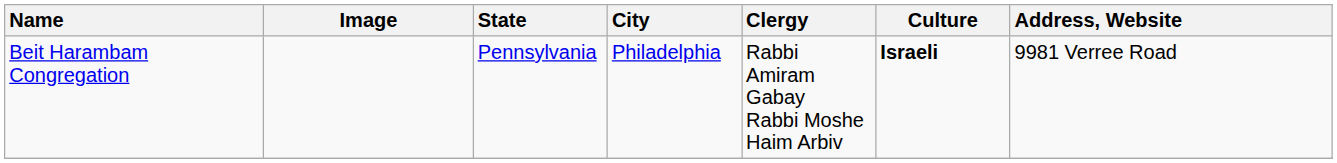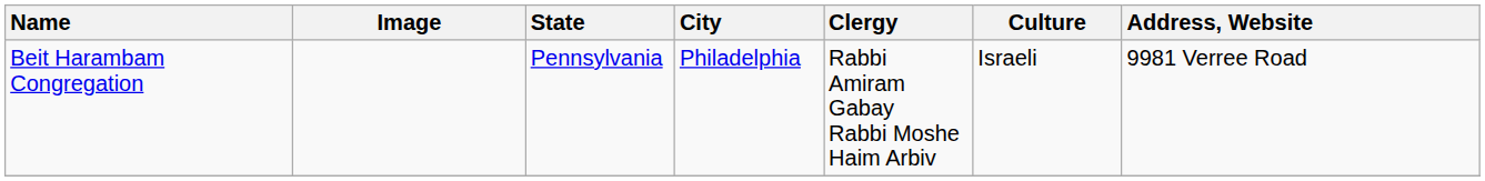 <table class="wikitable sortable">
 <tr>
 <th style="text-align:left; width:200px;">Name</th>
 <th style="text-align:center; width:160px;" class="unsortable">Image</th>
 <th style="text-align:left; width:100px;">State</th>
 <th style="text-align:left; width:100px;">City</th>
 <th style="text-align:left; width:100px;">Clergy</th>
 <th style="text-align:center; width:100px;">Culture</th>
 <th style="text-align:left; width:250px;" class="unsortable">Address, Website</th>
 </tr>
 <tr valign=top>
 <td><a href='#'>Beit Harambam Congregation</a></td>
 <td></td>
 <td><a href='#'>Pennsylvania</a></td>
 <td><a href='#'>Philadelphia</a></td>
 <td>Rabbi Amiram Gabay<br>Rabbi Moshe Haim Arbiv</td>
-<td><strong>Israeli</strong></td>
+<td>Israeli</td>
 <td>9981 Verree Road</td>
 </tr>
 <tr valign=top>
 </tr>
 </table>
